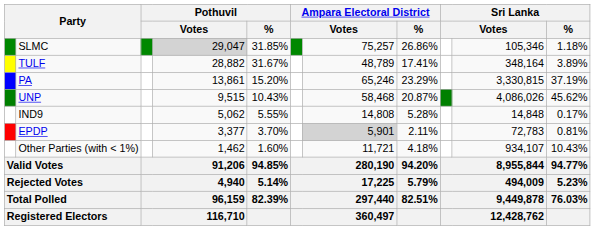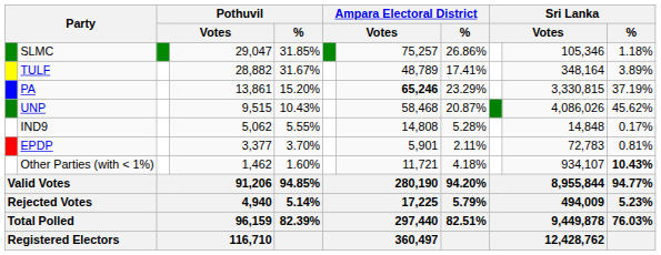 <table class="wikitable">
 <tr>
 <th colspan="2" width="144px"rowspan="2">Party</th>
 <th colspan="3" width="216px">Pothuvil</th>
 <th colspan="3" width="216px"><a href='#'>Ampara Electoral District</a></th>
 <th colspan="3" width="216px">Sri Lanka</th>
 </tr>
 <tr>
 <th colspan="2" width="144px">Votes</th>
 <th>%</th>
 <th colspan="2" width="144px">Votes</th>
 <th>%</th>
 <th colspan="2" width="144px">Votes</th>
 <th>%</th>
 </tr>
 <tr>
 <td style="background-color:#008800;" width="10px"></td>
 <td style="text-align:left;">SLMC</td>
 <td style="background-color:#008800;" width="10px"></td>
-<td style="background: lightgrey; text-align:right;">29,047</td>
+<td style="text-align:right;">29,047</td>
 <td style="text-align:right;">31.85%</td>
 <td style="background-color:#008800;" width="10px"></td>
 <td style="text-align:right;">75,257</td>
 <td style="text-align:right;">26.86%</td>
 <td style="background-color:white;" width="10px"></td>
 <td style="text-align:right;">105,346</td>
 <td style="text-align:right;">1.18%</td>
 </tr>
 <tr>
 <td style="background-color:yellow;" width="10px"></td>
 <td style="text-align:left;"><a href='#'>TULF</a></td>
 <td style="background-color:white;" width="10px"></td>
 <td style="text-align:right;">28,882</td>
 <td style="text-align:right;">31.67%</td>
 <td style="background-color:white;" width="10px"></td>
 <td style="text-align:right;">48,789</td>
 <td style="text-align:right;">17.41%</td>
 <td style="background-color:white;" width="10px"></td>
 <td style="text-align:right;">348,164</td>
 <td style="text-align:right;">3.89%</td>
 </tr>
 <tr>
 <td style="background-color:blue;" width="10px"></td>
 <td style="text-align:left;"><a href='#'>PA</a></td>
 <td style="background-color:white;" width="10px"></td>
 <td style="text-align:right;">13,861</td>
 <td style="text-align:right;">15.20%</td>
 <td style="background-color:white;" width="10px"></td>
-<td style="text-align:right;">65,246</td>
+<td style="text-align:right;"><strong>65,246</strong></td>
 <td style="text-align:right;">23.29%</td>
 <td style="background-color:white;" width="10px"></td>
 <td style="text-align:right;">3,330,815</td>
 <td style="text-align:right;">37.19%</td>
 </tr>
 <tr>
 <td style="background-color:green;" width="10px"></td>
 <td style="text-align:left;"><a href='#'>UNP</a></td>
 <td style="background-color:white;" width="10px"></td>
 <td style="text-align:right;">9,515</td>
 <td style="text-align:right;">10.43%</td>
 <td style="background-color:white;" width="10px"></td>
 <td style="text-align:right;">58,468</td>
 <td style="text-align:right;">20.87%</td>
 <td style="background-color:green;" width="10px"></td>
 <td style="text-align:right;">4,086,026</td>
 <td style="text-align:right;">45.62%</td>
 </tr>
 <tr>
 <td style="background-color:white;" width="10px"></td>
 <td style="text-align:left;">IND9</td>
 <td style="background-color:white;" width="10px"></td>
 <td style="text-align:right;">5,062</td>
 <td style="text-align:right;">5.55%</td>
 <td style="background-color:white;" width="10px"></td>
 <td style="text-align:right;">14,808</td>
 <td style="text-align:right;">5.28%</td>
 <td style="background-color:white;" width="10px"></td>
 <td style="text-align:right;">14,848</td>
 <td style="text-align:right;">0.17%</td>
 </tr>
 <tr>
 <td style="background-color:red;" width="10px"></td>
 <td style="text-align:left;"><a href='#'>EPDP</a></td>
 <td style="background-color:white;" width="10px"></td>
 <td style="text-align:right;">3,377</td>
 <td style="text-align:right;">3.70%</td>
 <td style="background-color:white;" width="10px"></td>
-<td style="background: lightgrey; text-align:right;">5,901</td>
+<td style="text-align:right;">5,901</td>
 <td style="text-align:right;">2.11%</td>
 <td style="background-color:white;" width="10px"></td>
 <td style="text-align:right;">72,783</td>
 <td style="text-align:right;">0.81%</td>
 </tr>
 <tr>
 <td style="background-color:white;" width="10px"></td>
 <td style="text-align:left;">Other Parties (with < 1%)</td>
 <td style="background-color:white;" width="10px"></td>
 <td style="text-align:right;">1,462</td>
 <td style="text-align:right;">1.60%</td>
 <td style="background-color:white;" width="10px"></td>
 <td style="text-align:right;">11,721</td>
 <td style="text-align:right;">4.18%</td>
 <td style="background-color:white;" width="10px"></td>
 <td style="text-align:right;">934,107</td>
-<td style="text-align:right;">10.43%</td>
+<td style="text-align:right;"><strong>10.43%</strong></td>
 </tr>
 <tr>
 <th colspan="2" width="144px"style="text-align:left;">Valid Votes</th>
 <th style="text-align:right;"colspan="2" width="144px">91,206</th>
 <th style="text-align:right;">94.85%</th>
 <th style="text-align:right;"colspan="2" width="144px">280,190</th>
 <th style="text-align:right;">94.20%</th>
 <th style="text-align:right;"colspan="2" width="144px">8,955,844</th>
 <th style="text-align:right;">94.77%</th>
 </tr>
 <tr>
 <th colspan="2" width="144px"style="text-align:left;">Rejected Votes</th>
 <th style="text-align:right;"colspan="2" width="144px">4,940</th>
 <th style="text-align:right;">5.14%</th>
 <th style="text-align:right;"colspan="2" width="144px">17,225</th>
 <th style="text-align:right;">5.79%</th>
 <th style="text-align:right;"colspan="2" width="144px">494,009</th>
 <th style="text-align:right;">5.23%</th>
 </tr>
 <tr>
 <th colspan="2" width="144px"style="text-align:left;">Total Polled</th>
 <th style="text-align:right;"colspan="2" width="144px">96,159</th>
 <th style="text-align:right;">82.39%</th>
 <th style="text-align:right;"colspan="2" width="144px">297,440</th>
 <th style="text-align:right;">82.51%</th>
 <th style="text-align:right;"colspan="2" width="144px">9,449,878</th>
 <th style="text-align:right;">76.03%</th>
 </tr>
 <tr>
 <th colspan="2" width="144px"style="text-align:left;">Registered Electors</th>
 <th style="text-align:right;"colspan="2" width="144px">116,710</th>
 <th></th>
 <th style="text-align:right;"colspan="2" width="144px">360,497</th>
 <th></th>
 <th style="text-align:right;"colspan="2" width="144px">12,428,762</th>
 <th></th>
 </tr>
 </table>
